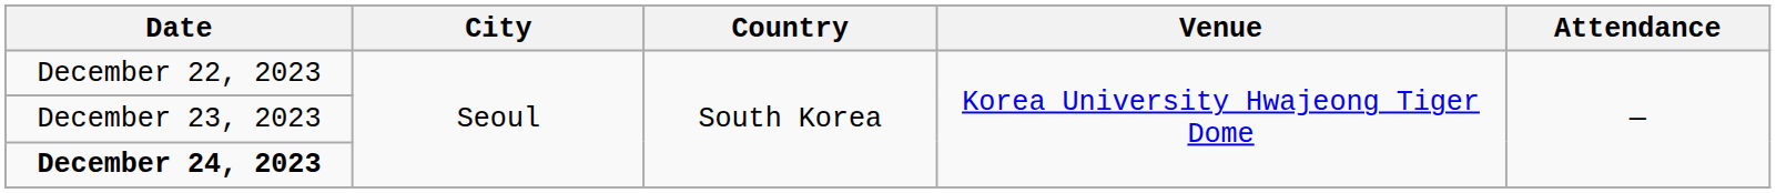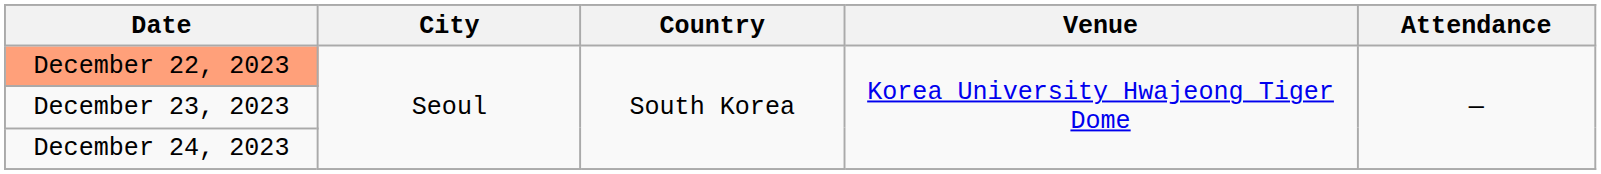 <table class="wikitable" style="text-align:center;">
 <tr>
 <th scope="col" style="width:12em">Date</th>
 <th scope="col" style="width:10em">City</th>
 <th scope="col" style="width:10em">Country</th>
 <th scope="col" style="width:20em">Venue</th>
 <th scope="col" style="width:9em">Attendance</th>
 </tr>
 <tr>
-<td>December 22, 2023</td>
+<td style="background: lightsalmon;">December 22, 2023</td>
 <td rowspan="3">Seoul</td>
 <td rowspan="3">South Korea</td>
 <td rowspan="3"><a href='#'>Korea University Hwajeong Tiger Dome</a></td>
 <td rowspan=4>—</td>
 </tr>
 <tr>
 <td>December 23, 2023</td>
 </tr>
 <tr>
-<td><strong>December 24, 2023</strong></td>
+<td>December 24, 2023</td>
 </tr>
 </table>
